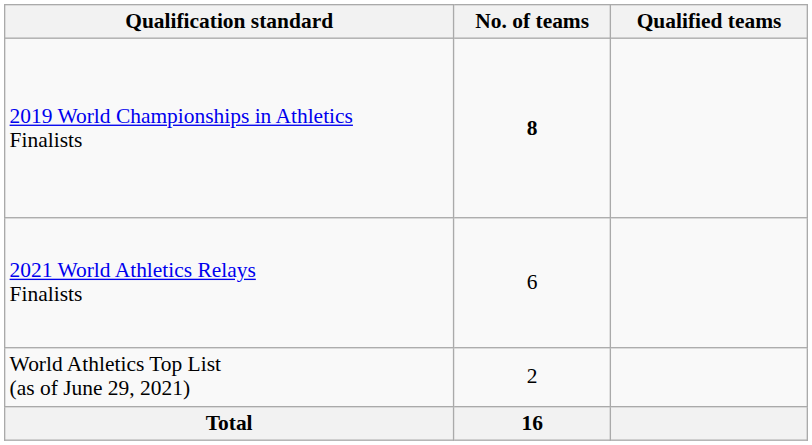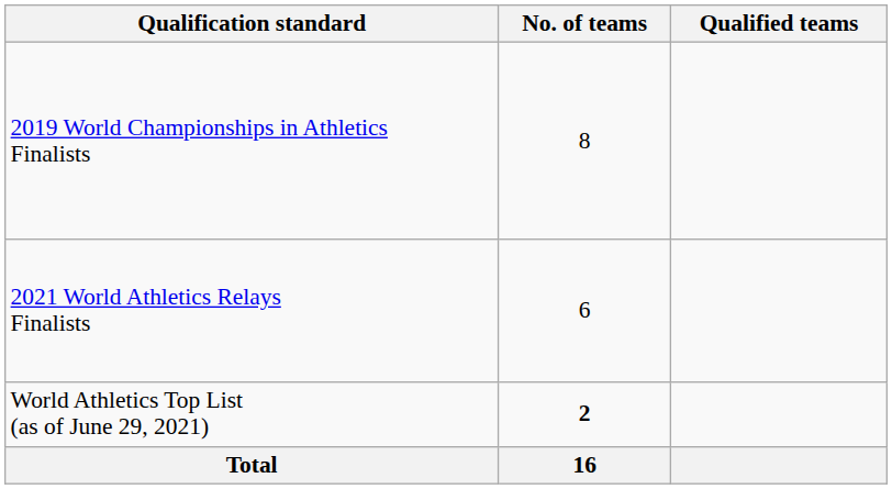 <table class="wikitable" style="text-align:left; width:600px;">
 <tr>
 <th>Qualification standard</th>
 <th>No. of teams</th>
 <th>Qualified teams</th>
 </tr>
 <tr>
 <td><a href='#'>2019 World Championships in Athletics</a><br>Finalists</td>
-<td align=center><strong>8</strong></td>
+<td align=center>8</td>
 <td><br><br><br><br><br><br><br></td>
 </tr>
 <tr>
 <td><a href='#'>2021 World Athletics Relays</a><br>Finalists</td>
 <td align=center>6</td>
 <td><br><br><br><br><br></td>
 </tr>
 <tr>
 <td>World Athletics Top List<br>(as of June 29, 2021)</td>
-<td align=center>2</td>
+<td align=center><strong>2</strong></td>
 <td><br></td>
 </tr>
 <tr>
 <th>Total</th>
 <th>16</th>
 <th colspan=2></th>
 </tr>
 </table>
